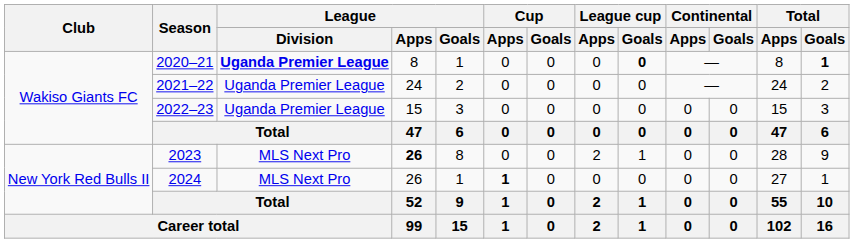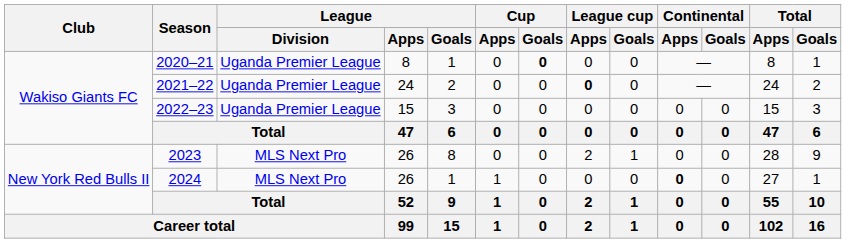 <table class=wikitable style=text-align:center>
 <tr>
 <th rowspan=2>Club</th>
 <th rowspan=2>Season</th>
 <th colspan=3>League</th>
 <th colspan=2>Cup</th>
 <th colspan=2>League cup</th>
 <th colspan=2>Continental</th>
 <th colspan=2>Total</th>
 </tr>
 <tr>
 <th>Division</th>
 <th>Apps</th>
 <th>Goals</th>
 <th>Apps</th>
 <th>Goals</th>
 <th>Apps</th>
 <th>Goals</th>
 <th>Apps</th>
 <th>Goals</th>
 <th>Apps</th>
 <th>Goals</th>
 </tr>
 <tr>
 <td rowspan=4><a href='#'>Wakiso Giants FC</a></td>
 <td><a href='#'>2020–21</a></td>
-<td><strong><a href='#'>Uganda Premier League</a></strong></td>
+<td><a href='#'>Uganda Premier League</a></td>
 <td>8</td>
 <td>1</td>
 <td>0</td>
+<td><strong>0</strong></td>
 <td>0</td>
 <td>0</td>
-<td><strong>0</strong></td>
 <td colspan=2>—</td>
 <td>8</td>
-<td><strong>1</strong></td>
+<td>1</td>
 </tr>
 <tr>
 <td><a href='#'>2021–22</a></td>
 <td><a href='#'>Uganda Premier League</a></td>
 <td>24</td>
 <td>2</td>
 <td>0</td>
 <td>0</td>
-<td>0</td>
+<td><strong>0</strong></td>
 <td>0</td>
 <td colspan=2>—</td>
 <td>24</td>
 <td>2</td>
 </tr>
 <tr>
 <td><a href='#'>2022–23</a></td>
 <td><a href='#'>Uganda Premier League</a></td>
 <td>15</td>
 <td>3</td>
 <td>0</td>
 <td>0</td>
 <td>0</td>
 <td>0</td>
 <td>0</td>
 <td>0</td>
 <td>15</td>
 <td>3</td>
 </tr>
 <tr>
 <th colspan=2>Total</th>
 <th>47</th>
 <th>6</th>
 <th>0</th>
 <th>0</th>
 <th>0</th>
 <th>0</th>
 <th>0</th>
 <th>0</th>
 <th>47</th>
 <th>6</th>
 </tr>
 <tr>
 <td rowspan=3><a href='#'>New York Red Bulls II</a></td>
 <td><a href='#'>2023</a></td>
 <td><a href='#'>MLS Next Pro</a></td>
-<td><strong>26</strong></td>
+<td>26</td>
 <td>8</td>
 <td>0</td>
 <td>0</td>
 <td>2</td>
 <td>1</td>
 <td>0</td>
 <td>0</td>
 <td>28</td>
 <td>9</td>
 </tr>
 <tr>
 <td><a href='#'>2024</a></td>
 <td><a href='#'>MLS Next Pro</a></td>
 <td>26</td>
 <td>1</td>
-<td><strong>1</strong></td>
+<td>1</td>
 <td>0</td>
 <td>0</td>
 <td>0</td>
-<td>0</td>
+<td><strong>0</strong></td>
 <td>0</td>
 <td>27</td>
 <td>1</td>
 </tr>
 <tr>
 <th colspan=2>Total</th>
 <th>52</th>
 <th>9</th>
 <th>1</th>
 <th>0</th>
 <th>2</th>
 <th>1</th>
 <th>0</th>
 <th>0</th>
 <th>55</th>
 <th>10</th>
 </tr>
 <tr>
 <th colspan="3">Career total</th>
 <th>99</th>
 <th>15</th>
 <th>1</th>
 <th>0</th>
 <th>2</th>
 <th>1</th>
 <th>0</th>
 <th>0</th>
 <th>102</th>
 <th>16</th>
 </tr>
 </table>
